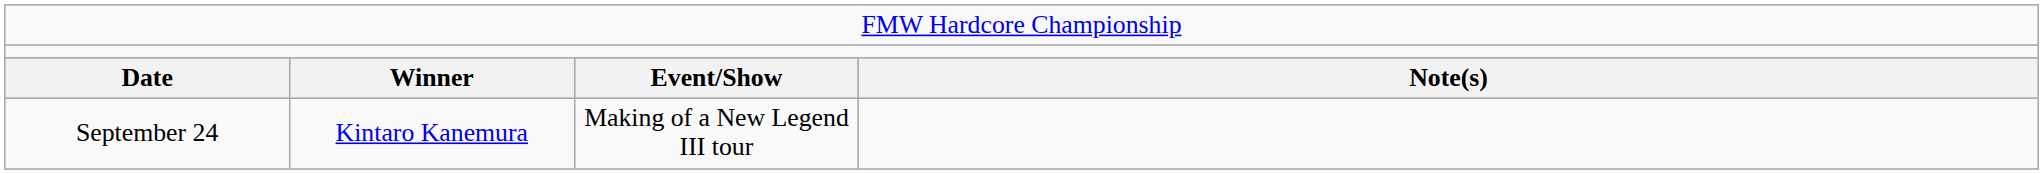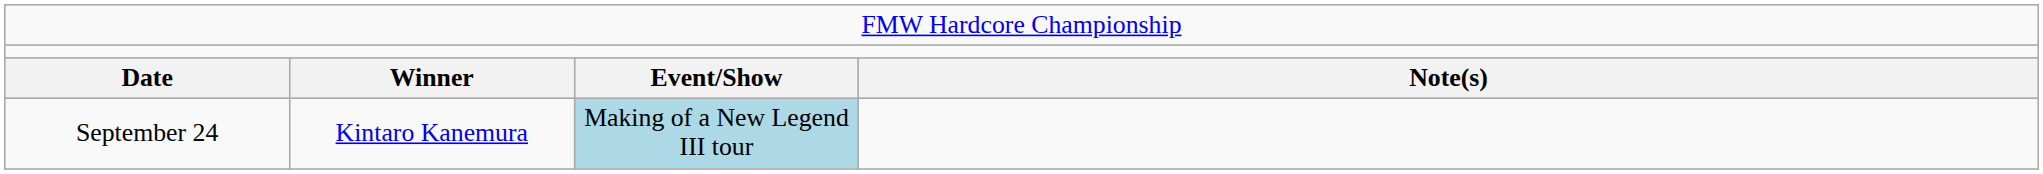 <table class="wikitable" style="text-align:center; width:100%;">
 <tr>
 <td colspan="5"><a href='#'>FMW Hardcore Championship</a></td>
 </tr>
 <tr>
 <td colspan="5"><strong></strong></td>
 </tr>
 <tr>
 <th width="14%">Date</th>
 <th width="14%">Winner</th>
 <th width="14%">Event/Show</th>
 <th width="58%">Note(s)</th>
 </tr>
 <tr>
 <td>September 24</td>
 <td><a href='#'>Kintaro Kanemura</a></td>
-<td>Making of a New Legend III tour</td>
+<td style="background: lightblue;">Making of a New Legend III tour</td>
 <td align="left"></td>
 </tr>
 </table>
